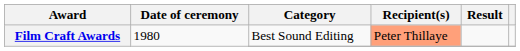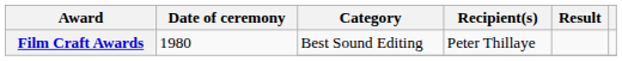 <table class="wikitable sortable plainrowheaders" style="width: 100%;">
 <tr>
 <th scope="col">Award</th>
 <th scope="col">Date of ceremony</th>
 <th scope="col">Category</th>
 <th scope="col">Recipient(s)</th>
 <th scope="col">Result</th>
 <th scope="col" class="unsortable"></th>
 </tr>
 <tr>
 <th rowspan="4" scope="row"><a href='#'>Film Craft Awards</a></th>
 <td rowspan="4">1980</td>
 <td>Best Sound Editing</td>
-<td style="background: lightsalmon;">Peter Thillaye</td>
+<td>Peter Thillaye</td>
 <td></td>
 <td></td>
 </tr>
 <tr>
 </tr>
 </table>
